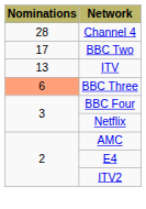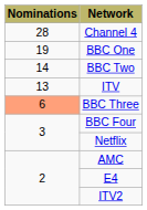 <table class="wikitable" style="text-align:center">
 <tr>
 <th style="background:#BDB76B;">Nominations</th>
 <th style="background:#BDB76B;">Network</th>
 </tr>
 <tr>
 <td>28</td>
 <td><a href='#'>Channel 4</a></td>
 </tr>
 <tr>
-<td>17</td>
+<td>19</td>
+<td><a href='#'>BBC One</a></td>
+</tr>
+<tr>
+<td>14</td>
 <td><a href='#'>BBC Two</a></td>
 </tr>
 <tr>
 <td>13</td>
 <td><a href='#'>ITV</a></td>
 </tr>
 <tr>
 <td style="background: lightsalmon;">6</td>
 <td><a href='#'>BBC Three</a></td>
 </tr>
 <tr>
 <td rowspan="2">3</td>
 <td><a href='#'>BBC Four</a></td>
 </tr>
 <tr>
 <td><a href='#'>Netflix</a></td>
 </tr>
 <tr>
 <td rowspan="3">2</td>
 <td><a href='#'>AMC</a></td>
 </tr>
 <tr>
 <td><a href='#'>E4</a></td>
 </tr>
 <tr>
 <td><a href='#'>ITV2</a></td>
 </tr>
 </table>
